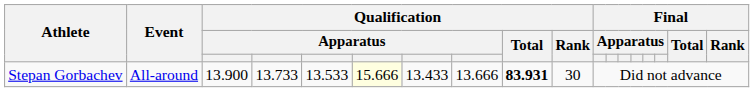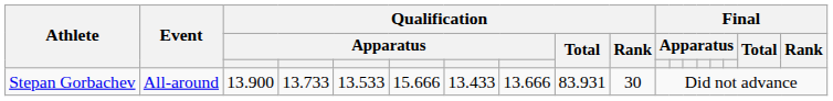 <table class="wikitable" style="font-size:90%">
 <tr>
 <th rowspan=3>Athlete</th>
 <th rowspan=3>Event</th>
 <th colspan =8>Qualification</th>
 <th colspan =8>Final</th>
 </tr>
 <tr style="font-size:95%">
 <th colspan=6>Apparatus</th>
 <th rowspan=2>Total</th>
 <th rowspan=2>Rank</th>
 <th colspan=6>Apparatus</th>
 <th rowspan=2>Total</th>
 <th rowspan=2>Rank</th>
 </tr>
 <tr style="font-size:95%">
 <th></th>
 <th></th>
 <th></th>
 <th></th>
 <th></th>
 <th></th>
 <th></th>
 <th></th>
 <th></th>
 <th></th>
 <th></th>
 <th></th>
 </tr>
 <tr align=center>
 <td align=left><a href='#'>Stepan Gorbachev</a></td>
 <td align=left><a href='#'>All-around</a></td>
 <td>13.900</td>
 <td>13.733</td>
 <td>13.533</td>
-<td style="background: lightyellow;">15.666</td>
+<td>15.666</td>
 <td>13.433</td>
 <td>13.666</td>
-<td><strong>83.931</strong></td>
+<td>83.931</td>
 <td>30</td>
 <td colspan=8>Did not advance</td>
 </tr>
 </table>
